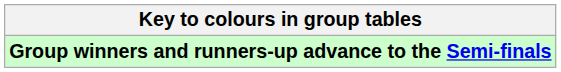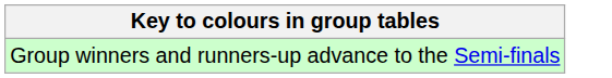 <table class="wikitable">
 <tr>
 <th>Key to colours in group tables</th>
 </tr>
 <tr bgcolor=#ccffcc>
-<td><strong>Group winners and runners-up advance to the <a href='#'>Semi-finals</a></strong></td>
+<td>Group winners and runners-up advance to the <a href='#'>Semi-finals</a></td>
 </tr>
 </table>
